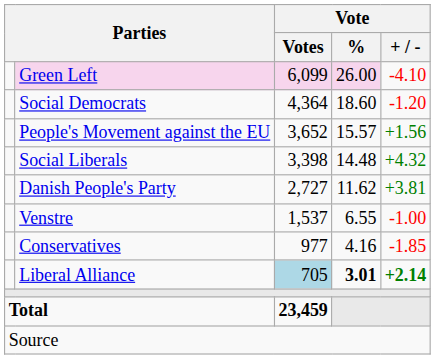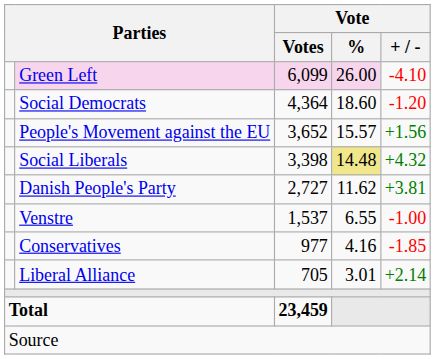 <table class="wikitable" style="text-align:right;">
 <tr>
 <th style="text-align:centre;" rowspan="2" colspan="2" width="225">Parties</th>
 <th colspan="3">Vote</th>
 </tr>
 <tr>
 <th width="15">Votes</th>
 <th width="15">%</th>
 <th width="15">+ / -</th>
 </tr>
 <tr>
 <td width="2" style="color:inherit;background:"></td>
 <td bgcolor=#f7d5ed   align="left"><a href='#'>Green Left</a></td>
 <td bgcolor=#f7d5ed>6,099</td>
 <td bgcolor=#f7d5ed>26.00</td>
 <td style=color:red;>-4.10</td>
 </tr>
 <tr>
 <td width="2" style="color:inherit;background:"></td>
 <td align="left"><a href='#'>Social Democrats</a></td>
 <td>4,364</td>
 <td>18.60</td>
 <td style=color:red;>-1.20</td>
 </tr>
 <tr>
 <td width="2" style="color:inherit;background:"></td>
 <td align="left"><a href='#'>People's Movement against the EU</a></td>
 <td>3,652</td>
 <td>15.57</td>
 <td style=color:green;>+1.56</td>
 </tr>
 <tr>
 <td width="2" style="color:inherit;background:"></td>
 <td align="left"><a href='#'>Social Liberals</a></td>
 <td>3,398</td>
-<td>14.48</td>
+<td style="background: khaki;">14.48</td>
 <td style=color:green;>+4.32</td>
 </tr>
 <tr>
 <td width="2" style="color:inherit;background:"></td>
 <td align="left"><a href='#'>Danish People's Party</a></td>
 <td>2,727</td>
 <td>11.62</td>
 <td style=color:green;>+3.81</td>
 </tr>
 <tr>
 <td width="2" style="color:inherit;background:"></td>
 <td align="left"><a href='#'>Venstre</a></td>
 <td>1,537</td>
 <td>6.55</td>
 <td style=color:red;>-1.00</td>
 </tr>
 <tr>
 <td width="2" style="color:inherit;background:"></td>
 <td align="left"><a href='#'>Conservatives</a></td>
 <td>977</td>
 <td>4.16</td>
 <td style=color:red;>-1.85</td>
 </tr>
 <tr>
 <td width="2" style="color:inherit;background:"></td>
 <td align="left"><a href='#'>Liberal Alliance</a></td>
-<td style="background: lightblue;">705</td>
-<td><strong>3.01</strong></td>
-<td style=color:green;><strong>+2.14</strong></td>
+<td>705</td>
+<td>3.01</td>
+<td style=color:green;>+2.14</td>
 </tr>
 <tr>
 <td colspan="7" bgcolor="#E9E9E9"></td>
 </tr>
 <tr>
 <td align="left" colspan="2"><strong>Total</strong></td>
 <td><strong>23,459</strong></td>
 <td bgcolor="#E9E9E9" colspan="2"></td>
 </tr>
 <tr>
 <td align="left" colspan="6">Source</td>
 </tr>
 </table>
